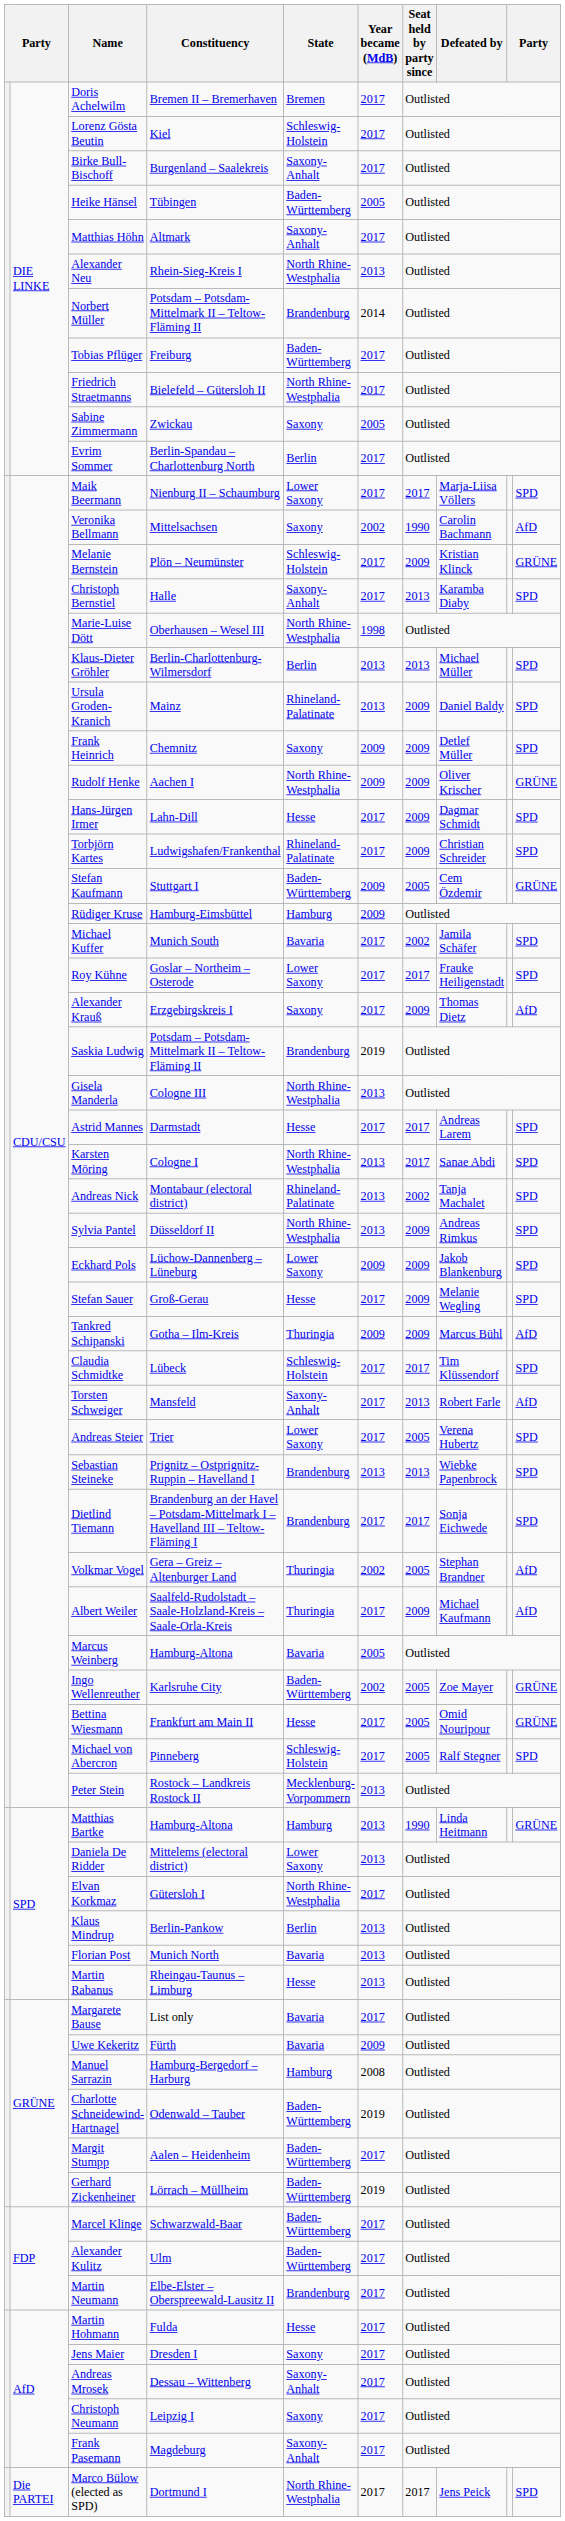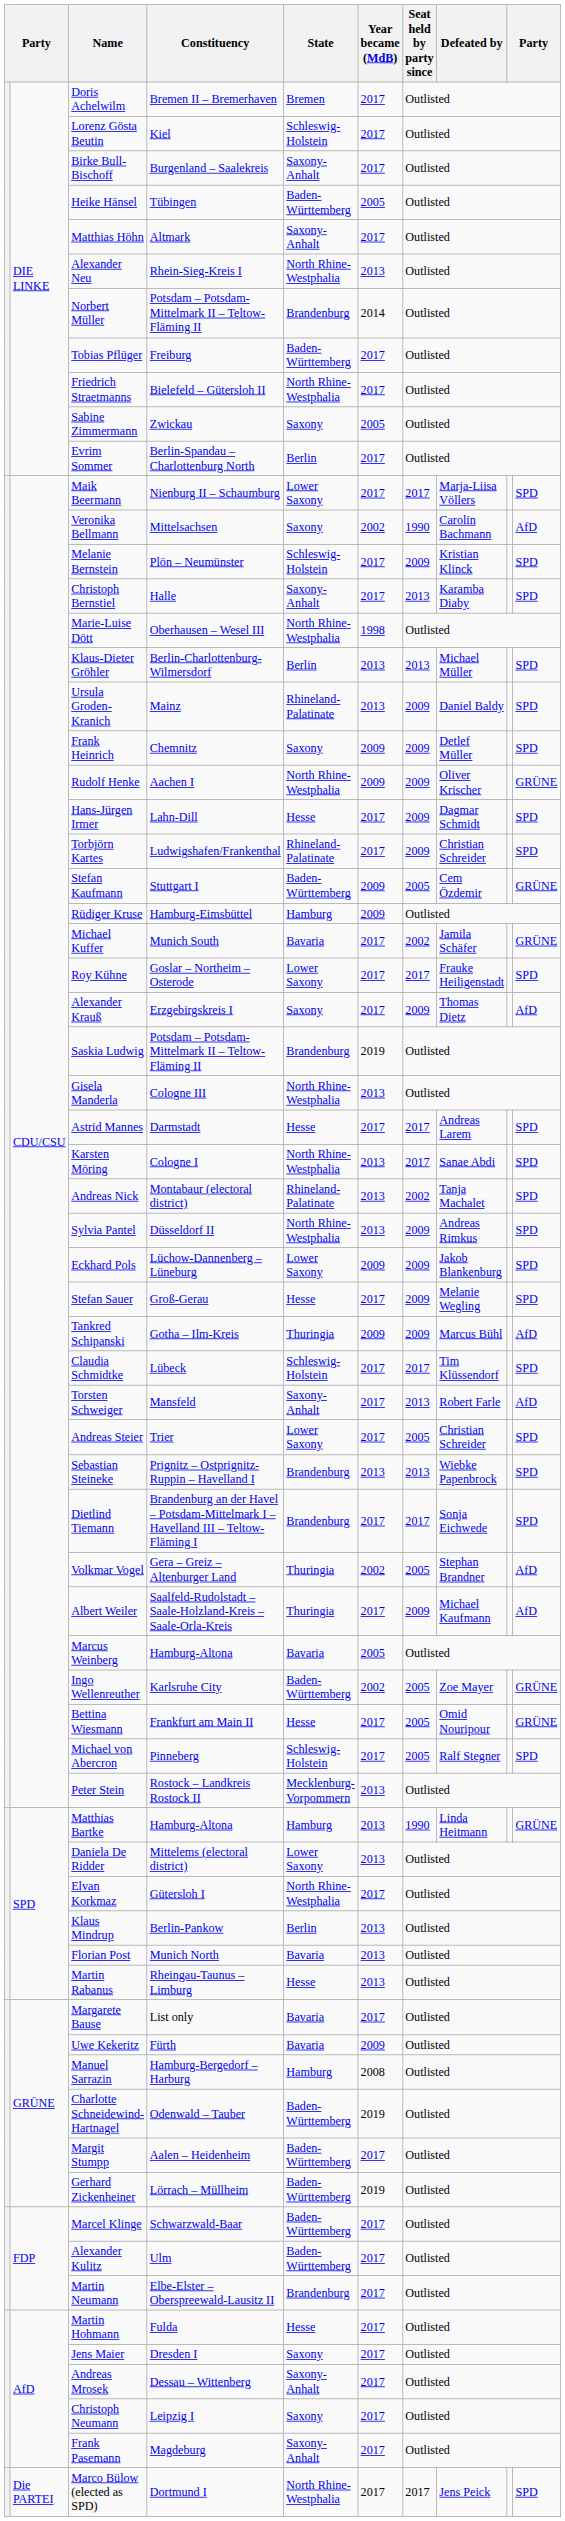 <table class="wikitable sortable" style="font-size: 95%;">
 <tr>
 <th colspan="2">Party</th>
 <th>Name</th>
 <th>Constituency</th>
 <th>State</th>
 <th>Year became<br>(<a href='#'>MdB</a>)</th>
 <th>Seat held by<br>party since</th>
 <th>Defeated by</th>
 <th colspan="2">Party</th>
 </tr>
 <tr>
 <th rowspan="11" style="background-color: "></th>
 <td rowspan="11"><a href='#'>DIE LINKE</a></td>
 <td data-sort-value="Achelwilmr, Doris"><a href='#'>Doris Achelwilm</a></td>
 <td><a href='#'>Bremen II – Bremerhaven</a></td>
 <td><a href='#'>Bremen</a></td>
 <td><a href='#'>2017</a></td>
 <td colspan="4">Outlisted</td>
 </tr>
 <tr>
 <td><a href='#'>Lorenz Gösta Beutin</a></td>
 <td><a href='#'>Kiel</a></td>
 <td><a href='#'>Schleswig-Holstein</a></td>
 <td><a href='#'>2017</a></td>
 <td colspan="4">Outlisted</td>
 </tr>
 <tr>
 <td data-sort-value="Bull-Bischoff, Birke"><a href='#'>Birke Bull-Bischoff</a></td>
 <td><a href='#'>Burgenland – Saalekreis</a></td>
 <td><a href='#'>Saxony-Anhalt</a></td>
 <td><a href='#'>2017</a></td>
 <td colspan="4">Outlisted</td>
 </tr>
 <tr>
 <td data-sort-value="Hänsel, heike"><a href='#'>Heike Hänsel</a></td>
 <td><a href='#'>Tübingen</a></td>
 <td><a href='#'>Baden-Württemberg</a></td>
 <td><a href='#'>2005</a></td>
 <td colspan="4">Outlisted</td>
 </tr>
 <tr>
 <td data-sort-value="Höhn, Matthias"><a href='#'>Matthias Höhn</a></td>
 <td><a href='#'>Altmark</a></td>
 <td><a href='#'>Saxony-Anhalt</a></td>
 <td><a href='#'>2017</a></td>
 <td colspan="4">Outlisted</td>
 </tr>
 <tr>
 <td data-sort-value="Perez, Jean-Claude"><a href='#'>Alexander Neu</a></td>
 <td><a href='#'>Rhein-Sieg-Kreis I</a></td>
 <td><a href='#'>North Rhine-Westphalia</a></td>
 <td><a href='#'>2013</a></td>
 <td colspan="4">Outlisted</td>
 </tr>
 <tr>
 <td data-sort-value="Fabre, Marie-Hélène"><a href='#'>Norbert Müller</a></td>
 <td><a href='#'>Potsdam – Potsdam-Mittelmark II – Teltow-Fläming II</a></td>
 <td><a href='#'>Brandenburg</a></td>
 <td>2014</td>
 <td colspan="4">Outlisted</td>
 </tr>
 <tr>
 <td data-sort-value="Mennucci, Patrick"><a href='#'>Tobias Pflüger</a></td>
 <td><a href='#'>Freiburg</a></td>
 <td><a href='#'>Baden-Württemberg</a></td>
 <td><a href='#'>2017</a></td>
 <td colspan="4">Outlisted</td>
 </tr>
 <tr>
 <td><a href='#'>Friedrich Straetmanns</a></td>
 <td><a href='#'>Bielefeld – Gütersloh II</a></td>
 <td><a href='#'>North Rhine-Westphalia</a></td>
 <td><a href='#'>2017</a></td>
 <td colspan="4">Outlisted</td>
 </tr>
 <tr>
 <td data-sort-value="Henri, Jibrayel"><a href='#'>Sabine Zimmermann</a></td>
 <td><a href='#'>Zwickau</a></td>
 <td><a href='#'>Saxony</a></td>
 <td><a href='#'>2005</a></td>
 <td colspan="4">Outlisted</td>
 </tr>
 <tr>
 <td><a href='#'>Evrim Sommer</a></td>
 <td><a href='#'>Berlin-Spandau – Charlottenburg North</a></td>
 <td><a href='#'>Berlin</a></td>
 <td><a href='#'>2017</a></td>
 <td colspan="4">Outlisted</td>
 </tr>
 <tr>
 <th rowspan="37" style="background-color: "></th>
 <td rowspan="37"><a href='#'>CDU/CSU</a></td>
 <td data-sort-value="Berrman, Maik"><a href='#'>Maik Beermann</a></td>
 <td><a href='#'>Nienburg II – Schaumburg</a></td>
 <td><a href='#'>Lower Saxony</a></td>
 <td><a href='#'>2017</a></td>
 <td><a href='#'>2017</a></td>
 <td data-sort-value="Völlers, Marja-Liisa"><a href='#'>Marja-Liisa Völlers</a></td>
 <td style="background-color: "></td>
 <td><a href='#'>SPD</a></td>
 </tr>
 <tr>
 <td data-sort-value="Bellmann, Veronika"><a href='#'>Veronika Bellmann</a></td>
 <td><a href='#'>Mittelsachsen</a></td>
 <td><a href='#'>Saxony</a></td>
 <td><a href='#'>2002</a></td>
 <td><a href='#'>1990</a></td>
 <td data-sort-value="Bachmann, Carolin"><a href='#'>Carolin Bachmann</a></td>
 <td style="background-color: "></td>
 <td><a href='#'>AfD</a></td>
 </tr>
 <tr>
 <td data-sort-value="Bernstein, Melanie"><a href='#'>Melanie Bernstein</a></td>
 <td><a href='#'>Plön – Neumünster</a></td>
 <td><a href='#'>Schleswig-Holstein</a></td>
 <td><a href='#'>2017</a></td>
 <td><a href='#'>2009</a></td>
 <td data-sort-value="Klinck, Kristian"><a href='#'>Kristian Klinck</a></td>
 <td style="background-color: "></td>
-<td><a href='#'>GRÜNE</a></td>
+<td><a href='#'>SPD</a></td>
 </tr>
 <tr>
 <td><a href='#'>Christoph Bernstiel</a></td>
 <td><a href='#'>Halle</a></td>
 <td><a href='#'>Saxony-Anhalt</a></td>
 <td><a href='#'>2017</a></td>
 <td><a href='#'>2013</a></td>
 <td data-sort-value="Diaby, Karamba"><a href='#'>Karamba Diaby</a></td>
 <td style="background-color: "></td>
 <td><a href='#'>SPD</a></td>
 </tr>
 <tr>
 <td data-sort-value="Dött, Marie-Luise"><a href='#'>Marie-Luise Dött</a></td>
 <td><a href='#'>Oberhausen – Wesel III</a></td>
 <td><a href='#'>North Rhine-Westphalia</a></td>
 <td><a href='#'>1998</a></td>
 <td colspan="4">Outlisted</td>
 </tr>
 <tr>
 <td data-sort-value="Gröhler, Klaus-Dieter"><a href='#'>Klaus-Dieter Gröhler</a></td>
 <td><a href='#'>Berlin-Charlottenburg-Wilmersdorf</a></td>
 <td><a href='#'>Berlin</a></td>
 <td><a href='#'>2013</a></td>
 <td><a href='#'>2013</a></td>
 <td data-sort-value="Blanchet, Christophe"><a href='#'>Michael Müller</a></td>
 <td style="background-color: "></td>
 <td><a href='#'>SPD</a></td>
 </tr>
 <tr>
 <td><a href='#'>Ursula Groden-Kranich</a></td>
 <td><a href='#'>Mainz</a></td>
 <td><a href='#'>Rhineland-Palatinate</a></td>
 <td><a href='#'>2013</a></td>
 <td><a href='#'>2009</a></td>
 <td><a href='#'>Daniel Baldy</a></td>
 <td style="background-color: "></td>
 <td><a href='#'>SPD</a></td>
 </tr>
 <tr>
 <td><a href='#'>Frank Heinrich</a></td>
 <td><a href='#'>Chemnitz</a></td>
 <td><a href='#'>Saxony</a></td>
 <td><a href='#'>2009</a></td>
 <td><a href='#'>2009</a></td>
 <td><a href='#'>Detlef Müller</a></td>
 <td style="background-color: "></td>
 <td><a href='#'>SPD</a></td>
 </tr>
 <tr>
 <td><a href='#'>Rudolf Henke</a></td>
 <td><a href='#'>Aachen I</a></td>
 <td><a href='#'>North Rhine-Westphalia</a></td>
 <td><a href='#'>2009</a></td>
 <td><a href='#'>2009</a></td>
 <td><a href='#'>Oliver Krischer</a></td>
 <td style="background-color: "></td>
 <td><a href='#'>GRÜNE</a></td>
 </tr>
 <tr>
 <td><a href='#'>Hans-Jürgen Irmer</a></td>
 <td><a href='#'>Lahn-Dill</a></td>
 <td><a href='#'>Hesse</a></td>
 <td><a href='#'>2017</a></td>
 <td><a href='#'>2009</a></td>
 <td><a href='#'>Dagmar Schmidt</a></td>
 <td style="background-color: "></td>
 <td><a href='#'>SPD</a></td>
 </tr>
 <tr>
 <td><a href='#'>Torbjörn Kartes</a></td>
 <td><a href='#'>Ludwigshafen/Frankenthal</a></td>
 <td><a href='#'>Rhineland-Palatinate</a></td>
 <td><a href='#'>2017</a></td>
 <td><a href='#'>2009</a></td>
 <td><a href='#'>Christian Schreider</a></td>
 <td style="background-color: "></td>
 <td><a href='#'>SPD</a></td>
 </tr>
 <tr>
 <td><a href='#'>Stefan Kaufmann</a></td>
 <td><a href='#'>Stuttgart I</a></td>
 <td><a href='#'>Baden-Württemberg</a></td>
 <td><a href='#'>2009</a></td>
 <td><a href='#'>2005</a></td>
 <td><a href='#'>Cem Özdemir</a></td>
 <td style="background-color: "></td>
 <td><a href='#'>GRÜNE</a></td>
 </tr>
 <tr>
 <td><a href='#'>Rüdiger Kruse</a></td>
 <td><a href='#'>Hamburg-Eimsbüttel</a></td>
 <td><a href='#'>Hamburg</a></td>
 <td><a href='#'>2009</a></td>
 <td colspan="4">Outlisted</td>
 </tr>
 <tr>
 <td><a href='#'>Michael Kuffer</a></td>
 <td><a href='#'>Munich South</a></td>
 <td><a href='#'>Bavaria</a></td>
 <td><a href='#'>2017</a></td>
 <td><a href='#'>2002</a></td>
 <td><a href='#'>Jamila Schäfer</a></td>
 <td style="background-color: "></td>
-<td><a href='#'>SPD</a></td>
+<td><a href='#'>GRÜNE</a></td>
 </tr>
 <tr>
 <td><a href='#'>Roy Kühne</a></td>
 <td><a href='#'>Goslar – Northeim – Osterode</a></td>
 <td><a href='#'>Lower Saxony</a></td>
 <td><a href='#'>2017</a></td>
 <td><a href='#'>2017</a></td>
 <td><a href='#'>Frauke Heiligenstadt</a></td>
 <td style="background-color: "></td>
 <td><a href='#'>SPD</a></td>
 </tr>
 <tr>
 <td><a href='#'>Alexander Krauß</a></td>
 <td><a href='#'>Erzgebirgskreis I</a></td>
 <td><a href='#'>Saxony</a></td>
 <td><a href='#'>2017</a></td>
 <td><a href='#'>2009</a></td>
 <td><a href='#'>Thomas Dietz</a></td>
 <td style="background-color: "></td>
 <td><a href='#'>AfD</a></td>
 </tr>
 <tr>
 <td><a href='#'>Saskia Ludwig</a></td>
 <td><a href='#'>Potsdam – Potsdam-Mittelmark II – Teltow-Fläming II</a></td>
 <td><a href='#'>Brandenburg</a></td>
 <td>2019</td>
 <td colspan="4">Outlisted</td>
 </tr>
 <tr>
 <td><a href='#'>Gisela Manderla</a></td>
 <td><a href='#'>Cologne III</a></td>
 <td><a href='#'>North Rhine-Westphalia</a></td>
 <td><a href='#'>2013</a></td>
 <td colspan="4">Outlisted</td>
 </tr>
 <tr>
 <td><a href='#'>Astrid Mannes</a></td>
 <td><a href='#'>Darmstadt</a></td>
 <td><a href='#'>Hesse</a></td>
 <td><a href='#'>2017</a></td>
 <td><a href='#'>2017</a></td>
 <td><a href='#'>Andreas Larem</a></td>
 <td style="background-color: "></td>
 <td><a href='#'>SPD</a></td>
 </tr>
 <tr>
 <td><a href='#'>Karsten Möring</a></td>
 <td><a href='#'>Cologne I</a></td>
 <td><a href='#'>North Rhine-Westphalia</a></td>
 <td><a href='#'>2013</a></td>
 <td><a href='#'>2017</a></td>
 <td><a href='#'>Sanae Abdi</a></td>
 <td style="background-color: "></td>
 <td><a href='#'>SPD</a></td>
 </tr>
 <tr>
 <td><a href='#'>Andreas Nick</a></td>
 <td><a href='#'>Montabaur (electoral district)</a></td>
 <td><a href='#'>Rhineland-Palatinate</a></td>
 <td><a href='#'>2013</a></td>
 <td><a href='#'>2002</a></td>
 <td><a href='#'>Tanja Machalet</a></td>
 <td style="background-color: "></td>
 <td><a href='#'>SPD</a></td>
 </tr>
 <tr>
 <td><a href='#'>Sylvia Pantel</a></td>
 <td><a href='#'>Düsseldorf II</a></td>
 <td><a href='#'>North Rhine-Westphalia</a></td>
 <td><a href='#'>2013</a></td>
 <td><a href='#'>2009</a></td>
 <td><a href='#'>Andreas Rimkus</a></td>
 <td style="background-color: "></td>
 <td><a href='#'>SPD</a></td>
 </tr>
 <tr>
 <td><a href='#'>Eckhard Pols</a></td>
 <td><a href='#'>Lüchow-Dannenberg – Lüneburg</a></td>
 <td><a href='#'>Lower Saxony</a></td>
 <td><a href='#'>2009</a></td>
 <td><a href='#'>2009</a></td>
 <td><a href='#'>Jakob Blankenburg</a></td>
 <td style="background-color: "></td>
 <td><a href='#'>SPD</a></td>
 </tr>
 <tr>
 <td><a href='#'>Stefan Sauer</a></td>
 <td><a href='#'>Groß-Gerau</a></td>
 <td><a href='#'>Hesse</a></td>
 <td><a href='#'>2017</a></td>
 <td><a href='#'>2009</a></td>
 <td><a href='#'>Melanie Wegling</a></td>
 <td style="background-color: "></td>
 <td><a href='#'>SPD</a></td>
 </tr>
 <tr>
 <td><a href='#'>Tankred Schipanski</a></td>
 <td><a href='#'>Gotha – Ilm-Kreis</a></td>
 <td><a href='#'>Thuringia</a></td>
 <td><a href='#'>2009</a></td>
 <td><a href='#'>2009</a></td>
 <td><a href='#'>Marcus Bühl</a></td>
 <td style="background-color: "></td>
 <td><a href='#'>AfD</a></td>
 </tr>
 <tr>
 <td><a href='#'>Claudia Schmidtke</a></td>
 <td><a href='#'>Lübeck</a></td>
 <td><a href='#'>Schleswig-Holstein</a></td>
 <td><a href='#'>2017</a></td>
 <td><a href='#'>2017</a></td>
 <td><a href='#'>Tim Klüssendorf</a></td>
 <td style="background-color: "></td>
 <td><a href='#'>SPD</a></td>
 </tr>
 <tr>
 <td><a href='#'>Torsten Schweiger</a></td>
 <td><a href='#'>Mansfeld</a></td>
 <td><a href='#'>Saxony-Anhalt</a></td>
 <td><a href='#'>2017</a></td>
 <td><a href='#'>2013</a></td>
 <td><a href='#'>Robert Farle</a></td>
 <td style="background-color: "></td>
 <td><a href='#'>AfD</a></td>
 </tr>
 <tr>
 <td><a href='#'>Andreas Steier</a></td>
 <td><a href='#'>Trier</a></td>
 <td><a href='#'>Lower Saxony</a></td>
 <td><a href='#'>2017</a></td>
 <td><a href='#'>2005</a></td>
-<td><a href='#'>Verena Hubertz</a></td>
+<td><a href='#'>Christian Schreider</a></td>
 <td style="background-color: "></td>
 <td><a href='#'>SPD</a></td>
 </tr>
 <tr>
 <td><a href='#'>Sebastian Steineke</a></td>
 <td><a href='#'>Prignitz – Ostprignitz-Ruppin – Havelland I</a></td>
 <td><a href='#'>Brandenburg</a></td>
 <td><a href='#'>2013</a></td>
 <td><a href='#'>2013</a></td>
 <td><a href='#'>Wiebke Papenbrock</a></td>
 <td style="background-color: "></td>
 <td><a href='#'>SPD</a></td>
 </tr>
 <tr>
 <td><a href='#'>Dietlind Tiemann</a></td>
 <td><a href='#'>Brandenburg an der Havel – Potsdam-Mittelmark I – Havelland III – Teltow-Fläming I</a></td>
 <td><a href='#'>Brandenburg</a></td>
 <td><a href='#'>2017</a></td>
 <td><a href='#'>2017</a></td>
 <td><a href='#'>Sonja Eichwede</a></td>
 <td style="background-color: "></td>
 <td><a href='#'>SPD</a></td>
 </tr>
 <tr>
 <td><a href='#'>Volkmar Vogel</a></td>
 <td><a href='#'>Gera – Greiz – Altenburger Land</a></td>
 <td><a href='#'>Thuringia</a></td>
 <td><a href='#'>2002</a></td>
 <td><a href='#'>2005</a></td>
 <td><a href='#'>Stephan Brandner</a></td>
 <td style="background-color: "></td>
 <td><a href='#'>AfD</a></td>
 </tr>
 <tr>
 <td><a href='#'>Albert Weiler</a></td>
 <td><a href='#'>Saalfeld-Rudolstadt – Saale-Holzland-Kreis – Saale-Orla-Kreis</a></td>
 <td><a href='#'>Thuringia</a></td>
 <td><a href='#'>2017</a></td>
 <td><a href='#'>2009</a></td>
 <td><a href='#'>Michael Kaufmann</a></td>
 <td style="background-color: "></td>
 <td><a href='#'>AfD</a></td>
 </tr>
 <tr>
 <td><a href='#'>Marcus Weinberg</a></td>
 <td><a href='#'>Hamburg-Altona</a></td>
 <td><a href='#'>Bavaria</a></td>
 <td><a href='#'>2005</a></td>
 <td colspan="4">Outlisted</td>
 </tr>
 <tr>
 <td><a href='#'>Ingo Wellenreuther</a></td>
 <td><a href='#'>Karlsruhe City</a></td>
 <td><a href='#'>Baden-Württemberg</a></td>
 <td><a href='#'>2002</a></td>
 <td><a href='#'>2005</a></td>
 <td><a href='#'>Zoe Mayer</a></td>
 <td style="background-color: "></td>
 <td><a href='#'>GRÜNE</a></td>
 </tr>
 <tr>
 <td><a href='#'>Bettina Wiesmann</a></td>
 <td><a href='#'>Frankfurt am Main II</a></td>
 <td><a href='#'>Hesse</a></td>
 <td><a href='#'>2017</a></td>
 <td><a href='#'>2005</a></td>
 <td><a href='#'>Omid Nouripour</a></td>
 <td style="background-color: "></td>
 <td><a href='#'>GRÜNE</a></td>
 </tr>
 <tr>
 <td><a href='#'>Michael von Abercron</a></td>
 <td><a href='#'>Pinneberg</a></td>
 <td><a href='#'>Schleswig-Holstein</a></td>
 <td><a href='#'>2017</a></td>
 <td><a href='#'>2005</a></td>
 <td><a href='#'>Ralf Stegner</a></td>
 <td style="background-color: "></td>
 <td><a href='#'>SPD</a></td>
 </tr>
 <tr>
 <td><a href='#'>Peter Stein</a></td>
 <td><a href='#'>Rostock – Landkreis Rostock II</a></td>
 <td><a href='#'>Mecklenburg-Vorpommern</a></td>
 <td><a href='#'>2013</a></td>
 <td colspan="4">Outlisted</td>
 </tr>
 <tr>
 <th rowspan="6" style="background-color: "></th>
 <td rowspan="6"><a href='#'>SPD</a></td>
 <td data-sort-value="Bechtel, Marie-Françoise"><a href='#'>Matthias Bartke</a></td>
 <td><a href='#'>Hamburg-Altona</a></td>
 <td><a href='#'>Hamburg</a></td>
 <td><a href='#'>2013</a></td>
 <td><a href='#'>1990</a></td>
 <td data-sort-value="Heitmann, Linda"><a href='#'>Linda Heitmann</a></td>
 <td style="background-color: "></td>
 <td><a href='#'>GRÜNE</a></td>
 </tr>
 <tr>
 <td><a href='#'>Daniela De Ridder</a></td>
 <td><a href='#'>Mittelems (electoral district)</a></td>
 <td><a href='#'>Lower Saxony</a></td>
 <td><a href='#'>2013</a></td>
 <td colspan="4">Outlisted</td>
 </tr>
 <tr>
 <td><a href='#'>Elvan Korkmaz</a></td>
 <td><a href='#'>Gütersloh I</a></td>
 <td><a href='#'>North Rhine-Westphalia</a></td>
 <td><a href='#'>2017</a></td>
 <td colspan="4">Outlisted</td>
 </tr>
 <tr>
 <td><a href='#'>Klaus Mindrup</a></td>
 <td><a href='#'>Berlin-Pankow</a></td>
 <td><a href='#'>Berlin</a></td>
 <td><a href='#'>2013</a></td>
 <td colspan="4">Outlisted</td>
 </tr>
 <tr>
 <td><a href='#'>Florian Post</a></td>
 <td><a href='#'>Munich North</a></td>
 <td><a href='#'>Bavaria</a></td>
 <td><a href='#'>2013</a></td>
 <td colspan="4">Outlisted</td>
 </tr>
 <tr>
 <td><a href='#'>Martin Rabanus</a></td>
 <td><a href='#'>Rheingau-Taunus – Limburg</a></td>
 <td><a href='#'>Hesse</a></td>
 <td><a href='#'>2013</a></td>
 <td colspan="4">Outlisted</td>
 </tr>
 <tr>
 <th rowspan="6" style="background-color: "></th>
 <td rowspan="6"><a href='#'>GRÜNE</a></td>
 <td data-sort-value="Allain, Brigitte"><a href='#'>Margarete Bause</a></td>
 <td>List only</td>
 <td><a href='#'>Bavaria</a></td>
 <td><a href='#'>2017</a></td>
 <td colspan="4">Outlisted</td>
 </tr>
 <tr>
 <td><a href='#'>Uwe Kekeritz</a></td>
 <td><a href='#'>Fürth</a></td>
 <td><a href='#'>Bavaria</a></td>
 <td><a href='#'>2009</a></td>
 <td colspan="4">Outlisted</td>
 </tr>
 <tr>
 <td><a href='#'>Manuel Sarrazin</a></td>
 <td><a href='#'>Hamburg-Bergedorf – Harburg</a></td>
 <td><a href='#'>Hamburg</a></td>
 <td>2008</td>
 <td colspan="4">Outlisted</td>
 </tr>
 <tr>
 <td><a href='#'>Charlotte Schneidewind-Hartnagel</a></td>
 <td><a href='#'>Odenwald – Tauber</a></td>
 <td><a href='#'>Baden-Württemberg</a></td>
 <td>2019</td>
 <td colspan="4">Outlisted</td>
 </tr>
 <tr>
 <td><a href='#'>Margit Stumpp</a></td>
 <td><a href='#'>Aalen – Heidenheim</a></td>
 <td><a href='#'>Baden-Württemberg</a></td>
 <td><a href='#'>2017</a></td>
 <td colspan="4">Outlisted</td>
 </tr>
 <tr>
 <td><a href='#'>Gerhard Zickenheiner</a></td>
 <td><a href='#'>Lörrach – Müllheim</a></td>
 <td><a href='#'>Baden-Württemberg</a></td>
 <td>2019</td>
 <td colspan="4">Outlisted</td>
 </tr>
 <tr>
 <th rowspan="3" style="background-color: "></th>
 <td rowspan="3"><a href='#'>FDP</a></td>
 <td><a href='#'>Marcel Klinge</a></td>
 <td><a href='#'>Schwarzwald-Baar</a></td>
 <td><a href='#'>Baden-Württemberg</a></td>
 <td><a href='#'>2017</a></td>
 <td colspan="4">Outlisted</td>
 </tr>
 <tr>
 <td><a href='#'>Alexander Kulitz</a></td>
 <td><a href='#'>Ulm</a></td>
 <td><a href='#'>Baden-Württemberg</a></td>
 <td><a href='#'>2017</a></td>
 <td colspan="4">Outlisted</td>
 </tr>
 <tr>
 <td><a href='#'>Martin Neumann</a></td>
 <td><a href='#'>Elbe-Elster – Oberspreewald-Lausitz II</a></td>
 <td><a href='#'>Brandenburg</a></td>
 <td><a href='#'>2017</a></td>
 <td colspan="4">Outlisted</td>
 </tr>
 <tr>
 <th rowspan="5" style="background-color: "></th>
 <td rowspan="5"><a href='#'>AfD</a></td>
 <td><a href='#'>Martin Hohmann</a></td>
 <td><a href='#'>Fulda</a></td>
 <td><a href='#'>Hesse</a></td>
 <td><a href='#'>2017</a></td>
 <td colspan="4">Outlisted</td>
 </tr>
 <tr>
 <td><a href='#'>Jens Maier</a></td>
 <td><a href='#'>Dresden I</a></td>
 <td><a href='#'>Saxony</a></td>
 <td><a href='#'>2017</a></td>
 <td colspan="4">Outlisted</td>
 </tr>
 <tr>
 <td><a href='#'>Andreas Mrosek</a></td>
 <td><a href='#'>Dessau – Wittenberg</a></td>
 <td><a href='#'>Saxony-Anhalt</a></td>
 <td><a href='#'>2017</a></td>
 <td colspan="4">Outlisted</td>
 </tr>
 <tr>
 <td><a href='#'>Christoph Neumann</a></td>
 <td><a href='#'>Leipzig I</a></td>
 <td><a href='#'>Saxony</a></td>
 <td><a href='#'>2017</a></td>
 <td colspan="4">Outlisted</td>
 </tr>
 <tr>
 <td><a href='#'>Frank Pasemann</a></td>
 <td><a href='#'>Magdeburg</a></td>
 <td><a href='#'>Saxony-Anhalt</a></td>
 <td><a href='#'>2017</a></td>
 <td colspan="4">Outlisted</td>
 </tr>
 <tr>
 <th rowspan="8" style="background-color: "></th>
 <td><a href='#'>Die PARTEI</a></td>
 <td data-sort-value="Bülow, Marco"><a href='#'>Marco Bülow</a> (elected as SPD)</td>
 <td><a href='#'>Dortmund I</a></td>
 <td><a href='#'>North Rhine-Westphalia</a></td>
 <td>2017</td>
 <td>2017</td>
 <td><a href='#'>Jens Peick</a></td>
 <td style="background-color: "></td>
 <td><a href='#'>SPD</a></td>
 </tr>
 </table>
